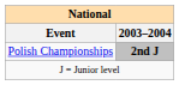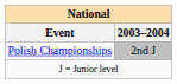 <table class="wikitable" style="text-align:center">
 <tr>
 <th style="background-color: #ffdead; " colspan=2 align=center>National</th>
 </tr>
 <tr>
 <th>Event</th>
 <th>2003–2004</th>
 </tr>
 <tr>
 <td align=left><a href='#'>Polish Championships</a></td>
-<td bgcolor=silver><strong>2nd J</strong></td>
+<td bgcolor=silver>2nd J</td>
 </tr>
 <tr>
 <td colspan=2 align=center><small> J = Junior level </small></td>
 </tr>
 </table>
